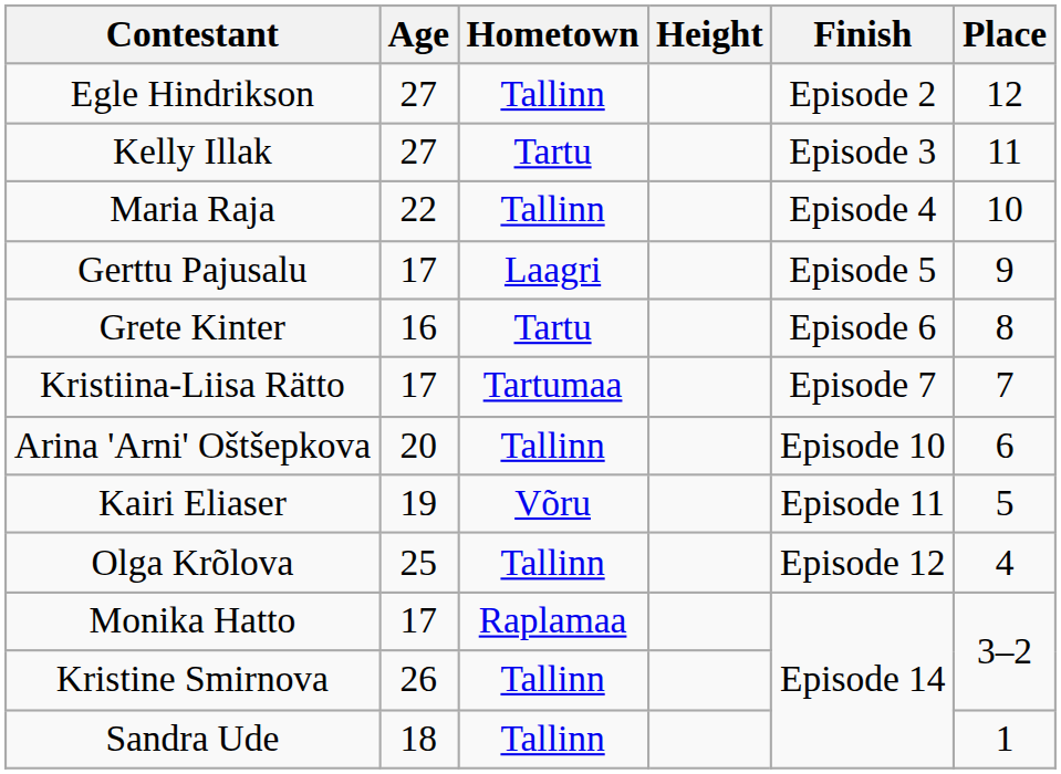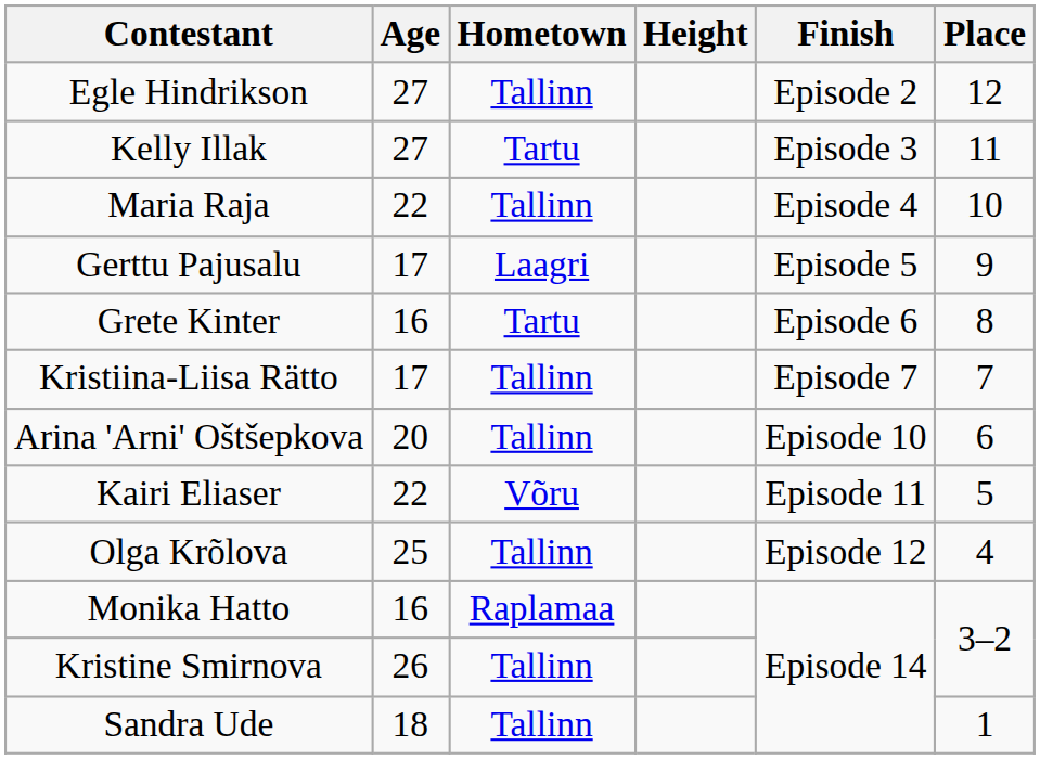 <table class="wikitable sortable" style="text-align:center;">
 <tr>
 <th>Contestant</th>
 <th>Age</th>
 <th>Hometown</th>
 <th>Height</th>
 <th>Finish</th>
 <th>Place</th>
 </tr>
 <tr>
 <td>Egle Hindrikson</td>
 <td>27</td>
 <td><a href='#'>Tallinn</a></td>
 <td></td>
 <td>Episode 2</td>
 <td>12</td>
 </tr>
 <tr>
 <td>Kelly Illak</td>
 <td>27</td>
 <td><a href='#'>Tartu</a></td>
 <td></td>
 <td>Episode 3</td>
 <td>11</td>
 </tr>
 <tr>
 <td>Maria Raja</td>
 <td>22</td>
 <td><a href='#'>Tallinn</a></td>
 <td></td>
 <td>Episode 4</td>
 <td>10</td>
 </tr>
 <tr>
 <td>Gerttu Pajusalu</td>
 <td>17</td>
 <td><a href='#'>Laagri</a></td>
 <td></td>
 <td>Episode 5</td>
 <td>9</td>
 </tr>
 <tr>
 <td>Grete Kinter</td>
 <td>16</td>
 <td><a href='#'>Tartu</a></td>
 <td></td>
 <td>Episode 6</td>
 <td>8</td>
 </tr>
 <tr>
 <td>Kristiina-Liisa Rätto</td>
 <td>17</td>
-<td><a href='#'>Tartumaa</a></td>
+<td><a href='#'>Tallinn</a></td>
 <td></td>
 <td>Episode 7</td>
 <td>7</td>
 </tr>
 <tr>
 <td>Arina 'Arni' Oštšepkova</td>
 <td>20</td>
 <td><a href='#'>Tallinn</a></td>
 <td></td>
 <td>Episode 10</td>
 <td>6</td>
 </tr>
 <tr>
 <td>Kairi Eliaser</td>
-<td>19</td>
+<td>22</td>
 <td><a href='#'>Võru</a></td>
 <td></td>
 <td>Episode 11</td>
 <td>5</td>
 </tr>
 <tr>
 <td>Olga Krõlova</td>
 <td>25</td>
 <td><a href='#'>Tallinn</a></td>
 <td></td>
 <td>Episode 12</td>
 <td>4</td>
 </tr>
 <tr>
 <td>Monika Hatto</td>
-<td>17</td>
+<td>16</td>
 <td><a href='#'>Raplamaa</a></td>
 <td></td>
 <td rowspan="3">Episode 14</td>
 <td rowspan="2">3–2</td>
 </tr>
 <tr>
 <td>Kristine Smirnova</td>
 <td>26</td>
 <td><a href='#'>Tallinn</a></td>
 <td></td>
 </tr>
 <tr>
 <td>Sandra Ude</td>
 <td>18</td>
 <td><a href='#'>Tallinn</a></td>
 <td></td>
 <td>1</td>
 </tr>
 </table>
